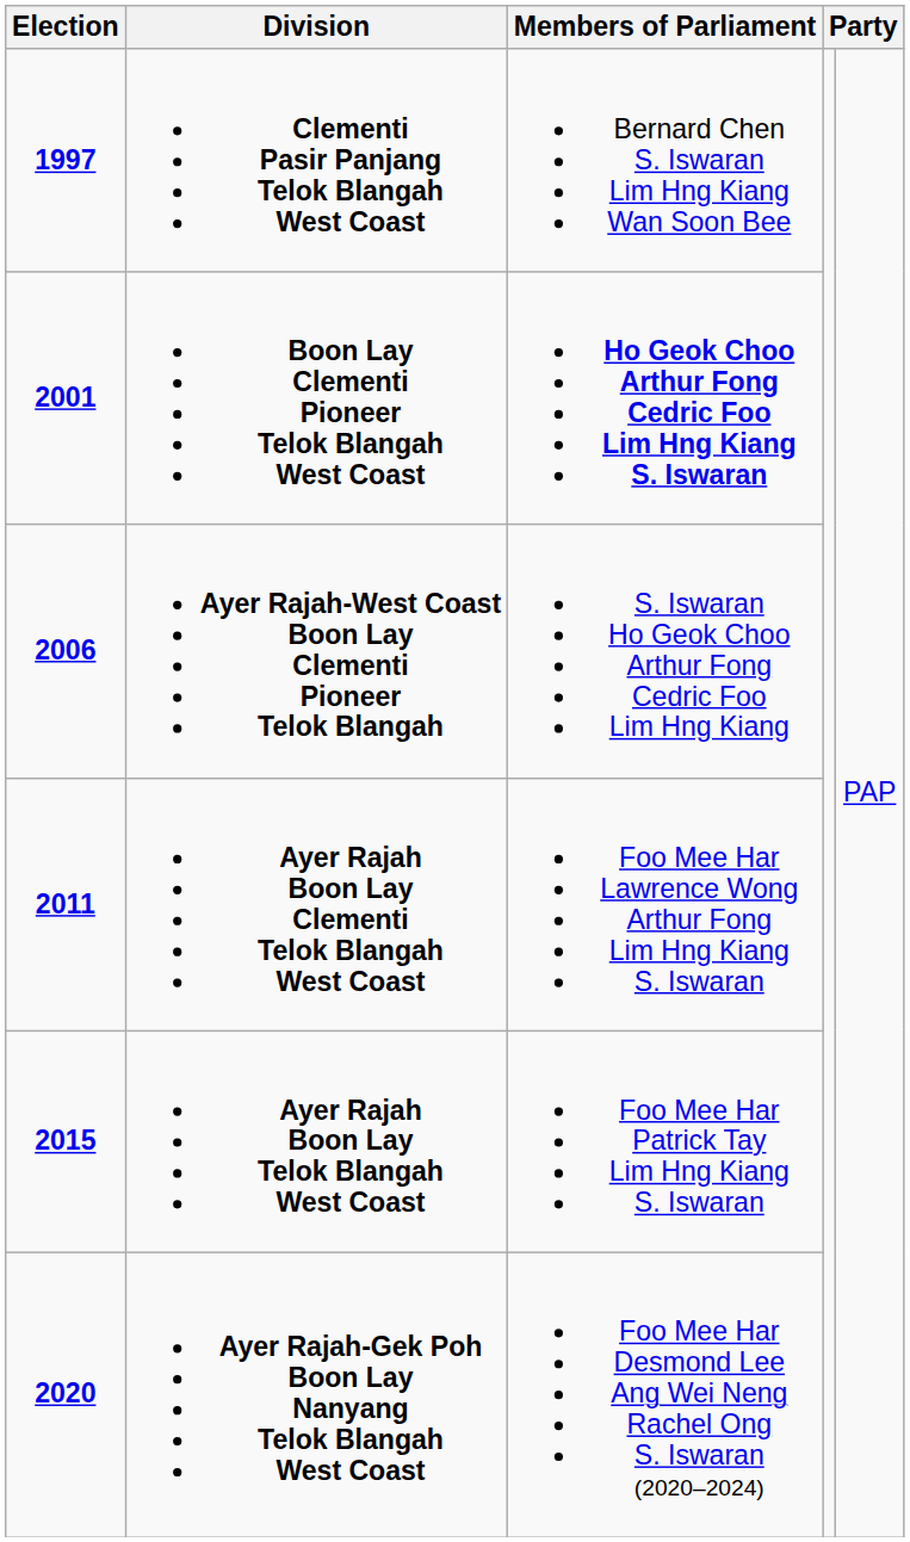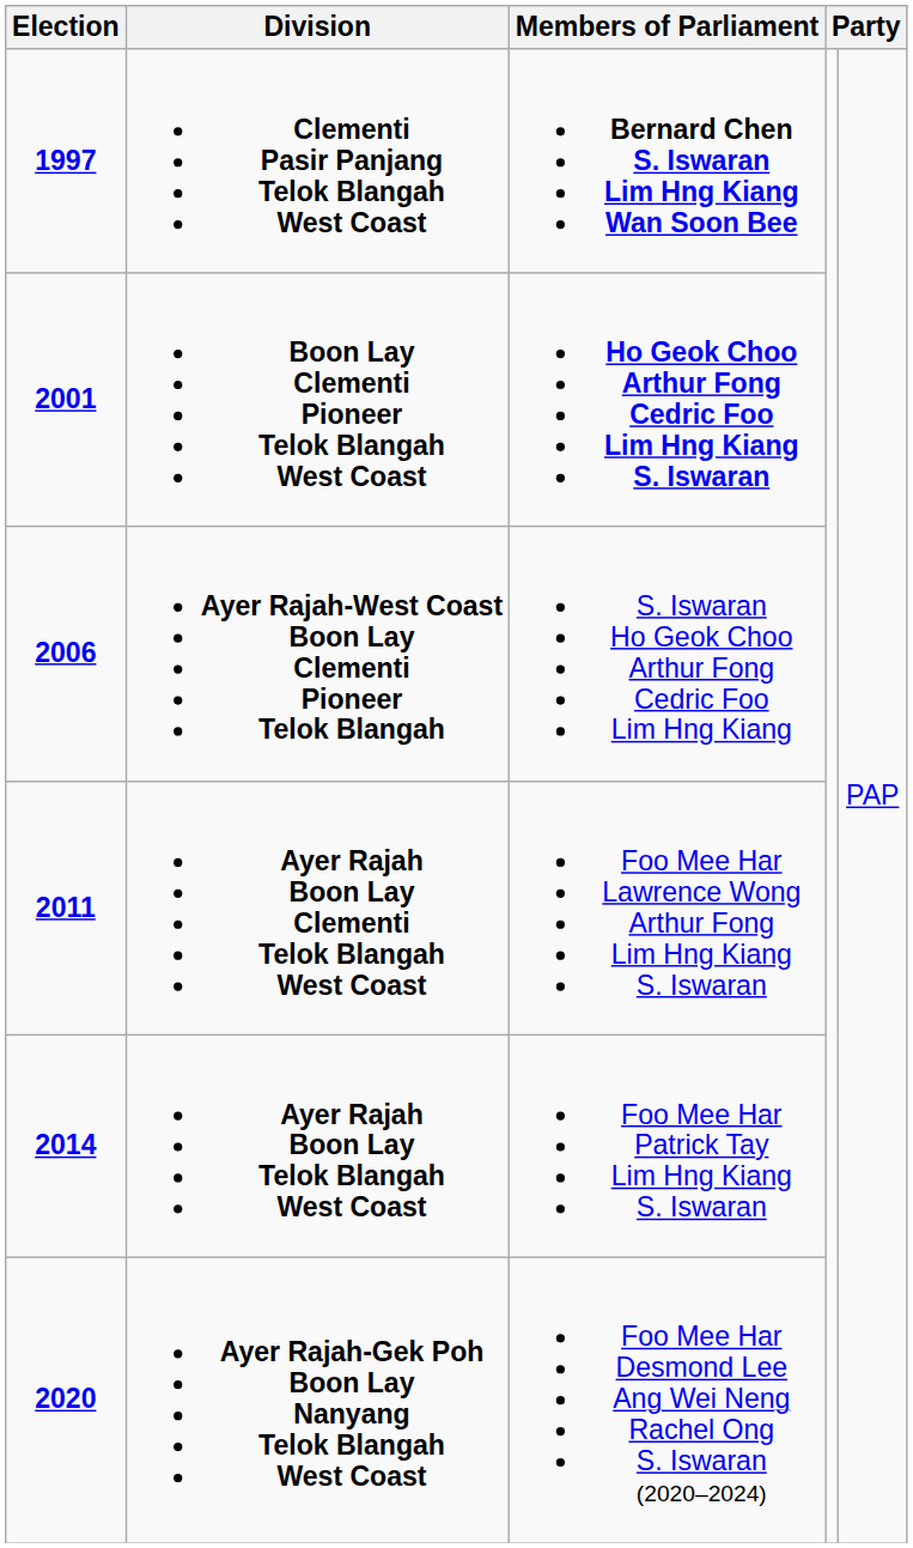 <table class="wikitable" align="center" style="text-align:center">
 <tr>
 <th>Election</th>
 <th>Division</th>
 <th>Members of Parliament</th>
 <th colspan="2">Party</th>
 </tr>
 <tr>
 <td><strong><a href='#'>1997</a></strong></td>
 <td><br><ul><li><strong>Clementi</strong></li><li><strong>Pasir Panjang </strong></li><li><strong>Telok Blangah</strong></li><li><strong>West Coast</strong></li></ul></td>
-<td><br><ul><li>Bernard Chen</li><li><a href='#'>S. Iswaran</a></li><li><a href='#'>Lim Hng Kiang</a></li><li><a href='#'>Wan Soon Bee</a></li></ul></td>
+<td><strong><br><ul><li>Bernard Chen</li><li><a href='#'>S. Iswaran</a></li><li><a href='#'>Lim Hng Kiang</a></li><li><a href='#'>Wan Soon Bee</a></li></ul></strong></td>
 <td rowspan="6"></td>
 <td rowspan="6"><a href='#'>PAP</a></td>
 </tr>
 <tr>
 <td><strong><a href='#'>2001</a></strong></td>
 <td><br><ul><li><strong>Boon Lay</strong></li><li><strong>Clementi</strong></li><li><strong>Pioneer</strong></li><li><strong>Telok Blangah</strong></li><li><strong>West Coast</strong></li></ul></td>
 <td><strong><br><ul><li><a href='#'>Ho Geok Choo</a></li><li><a href='#'>Arthur Fong</a></li><li><a href='#'>Cedric Foo</a></li><li><a href='#'>Lim Hng Kiang</a></li><li><a href='#'>S. Iswaran</a></li></ul></strong></td>
 </tr>
 <tr>
 <td><strong><a href='#'>2006</a></strong></td>
 <td><br><ul><li><strong>Ayer Rajah-West Coast</strong></li><li><strong>Boon Lay</strong></li><li><strong>Clementi</strong></li><li><strong>Pioneer</strong></li><li><strong>Telok Blangah</strong></li></ul></td>
 <td><br><ul><li><a href='#'>S. Iswaran</a></li><li><a href='#'>Ho Geok Choo</a></li><li><a href='#'>Arthur Fong</a></li><li><a href='#'>Cedric Foo</a></li><li><a href='#'>Lim Hng Kiang</a></li></ul></td>
 </tr>
 <tr>
 <td><strong><a href='#'>2011</a></strong></td>
 <td><br><ul><li><strong>Ayer Rajah</strong></li><li><strong>Boon Lay</strong></li><li><strong>Clementi</strong></li><li><strong>Telok Blangah</strong></li><li><strong>West Coast</strong></li></ul></td>
 <td><br><ul><li><a href='#'>Foo Mee Har</a></li><li><a href='#'>Lawrence Wong</a></li><li><a href='#'>Arthur Fong</a></li><li><a href='#'>Lim Hng Kiang</a></li><li><a href='#'>S. Iswaran</a></li></ul></td>
 </tr>
 <tr>
-<td><strong><a href='#'>2015</a></strong></td>
+<td><strong><a href='#'>2014</a></strong></td>
 <td><br><ul><li><strong>Ayer Rajah</strong></li><li><strong>Boon Lay</strong></li><li><strong>Telok Blangah</strong></li><li><strong>West Coast</strong></li></ul></td>
 <td><br><ul><li><a href='#'>Foo Mee Har</a></li><li><a href='#'>Patrick Tay</a></li><li><a href='#'>Lim Hng Kiang</a></li><li><a href='#'>S. Iswaran</a></li></ul></td>
 </tr>
 <tr>
 <td><strong><a href='#'>2020</a></strong></td>
 <td><br><ul><li><strong>Ayer Rajah-Gek Poh</strong></li><li><strong>Boon Lay</strong></li><li><strong>Nanyang</strong></li><li><strong>Telok Blangah</strong></li><li><strong>West Coast</strong></li></ul></td>
 <td><br><ul><li><a href='#'>Foo Mee Har</a></li><li><a href='#'>Desmond Lee</a></li><li><a href='#'>Ang Wei Neng</a></li><li><a href='#'>Rachel Ong</a></li><li><a href='#'>S. Iswaran</a><br><small>(2020–2024)</small></li></ul></td>
 </tr>
 </table>
